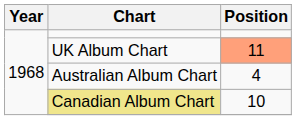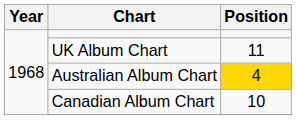 <table class="wikitable">
 <tr>
 <th>Year</th>
 <th>Chart</th>
 <th>Position</th>
 </tr>
 <tr>
 <td rowspan="5">1968</td>
 <td></td>
 </tr>
 <tr>
 <td>UK Album Chart</td>
-<td align="center" style="background: lightsalmon;">11</td>
+<td align="center">11</td>
 </tr>
 <tr>
 <td>Australian Album Chart</td>
-<td align="center">4</td>
+<td align="center" style="background: gold;">4</td>
 </tr>
 <tr>
-<td style="background: khaki;">Canadian Album Chart</td>
+<td>Canadian Album Chart</td>
 <td align="center">10</td>
 </tr>
 <tr>
 </tr>
 </table>
